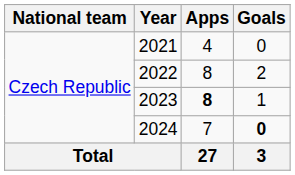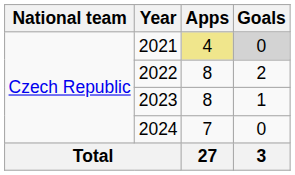 <table class="wikitable" style="text-align:center">
 <tr>
 <th>National team</th>
 <th>Year</th>
 <th>Apps</th>
 <th>Goals</th>
 </tr>
 <tr>
 <td rowspan="4"><a href='#'>Czech Republic</a></td>
 <td>2021</td>
-<td>4</td>
-<td>0</td>
+<td style="background: khaki;">4</td>
+<td style="background: lightgrey;">0</td>
 </tr>
 <tr>
 <td>2022</td>
 <td>8</td>
 <td>2</td>
 </tr>
 <tr>
 <td>2023</td>
-<td><strong>8</strong></td>
+<td>8</td>
 <td>1</td>
 </tr>
 <tr>
 <td>2024</td>
 <td>7</td>
-<td><strong>0</strong></td>
+<td>0</td>
 </tr>
 <tr>
 <th colspan="2">Total</th>
 <th>27</th>
 <th>3</th>
 </tr>
 </table>
